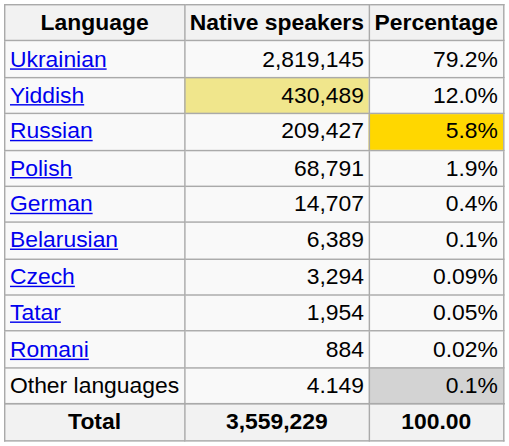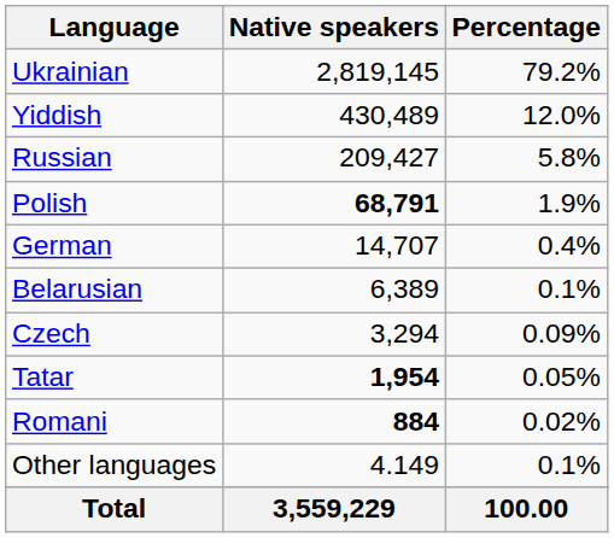 <table class="wikitable sortable">
 <tr>
 <th>Language</th>
 <th>Native speakers</th>
 <th>Percentage</th>
 </tr>
 <tr>
 <td><a href='#'>Ukrainian</a></td>
 <td align="right">2,819,145</td>
 <td align="right">79.2%</td>
 </tr>
 <tr>
 <td><a href='#'>Yiddish</a></td>
-<td align="right" style="background: khaki;">430,489</td>
+<td align="right">430,489</td>
 <td align="right">12.0%</td>
 </tr>
 <tr>
 <td><a href='#'>Russian</a></td>
 <td align="right">209,427</td>
-<td align="right" style="background: gold;">5.8%</td>
+<td align="right">5.8%</td>
 </tr>
 <tr>
 <td><a href='#'>Polish</a></td>
-<td align="right">68,791</td>
+<td align="right"><strong>68,791</strong></td>
 <td align="right">1.9%</td>
 </tr>
 <tr>
 <td><a href='#'>German</a></td>
 <td align="right">14,707</td>
 <td align="right">0.4%</td>
 </tr>
 <tr>
 <td><a href='#'>Belarusian</a></td>
 <td align="right">6,389</td>
 <td align="right">0.1%</td>
 </tr>
 <tr>
 <td><a href='#'>Czech</a></td>
 <td align="right">3,294</td>
 <td align="right">0.09%</td>
 </tr>
 <tr>
 <td><a href='#'>Tatar</a></td>
-<td align="right">1,954</td>
+<td align="right"><strong>1,954</strong></td>
 <td align="right">0.05%</td>
 </tr>
 <tr>
 <td><a href='#'>Romani</a></td>
-<td align="right">884</td>
+<td align="right"><strong>884</strong></td>
 <td align="right">0.02%</td>
 </tr>
 <tr>
 <td>Other languages</td>
 <td align="right">4.149</td>
-<td align="right" style="background: lightgrey;">0.1%</td>
+<td align="right">0.1%</td>
 </tr>
 <tr>
 </tr>
 <tr>
 <th>Total</th>
 <th>3,559,229</th>
 <th>100.00</th>
 </tr>
 </table>
